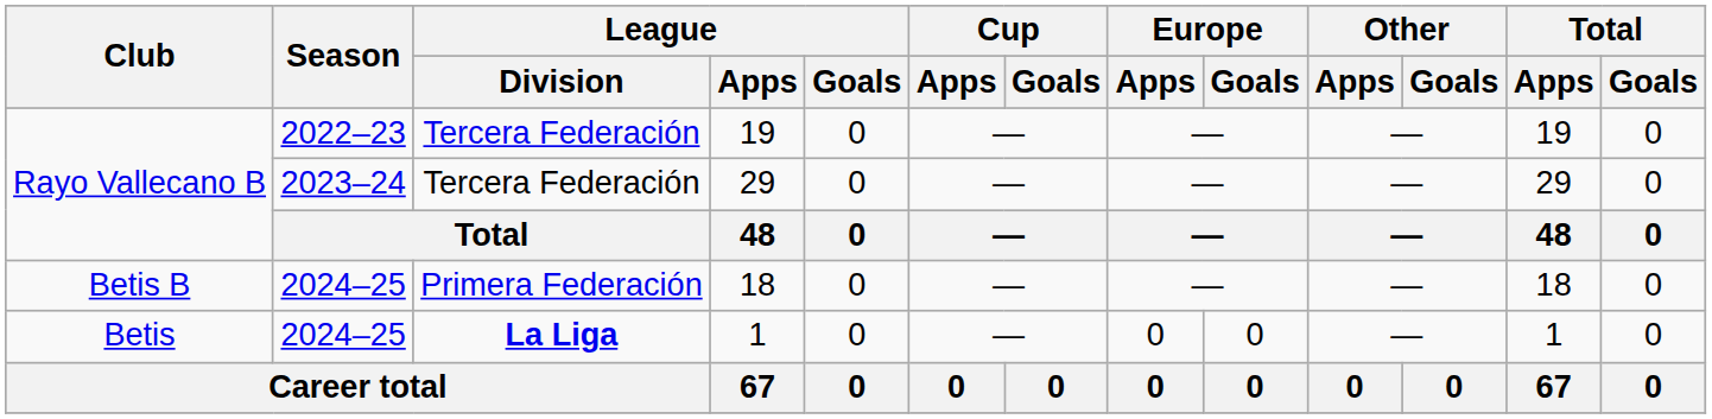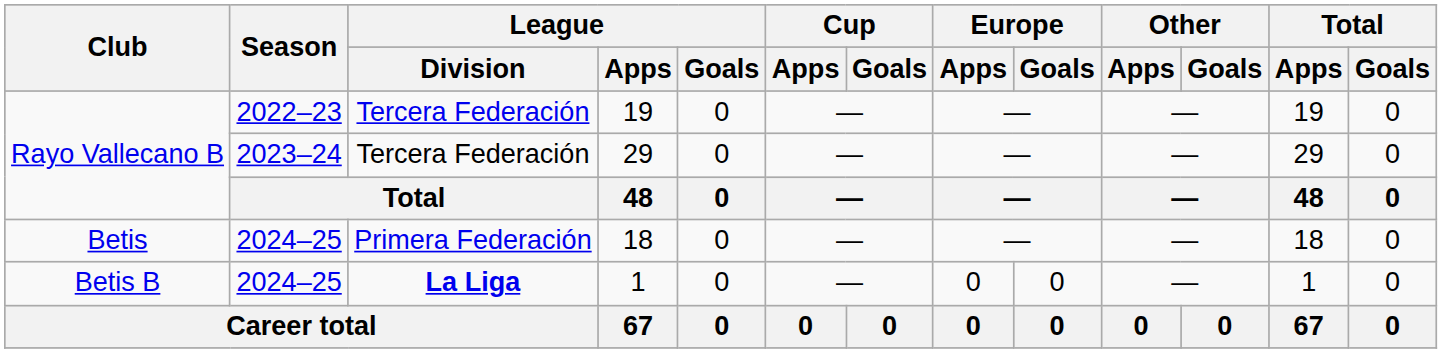 <table class="wikitable" style="text-align: center">
 <tr>
 <th rowspan="2">Club</th>
 <th rowspan="2">Season</th>
 <th colspan="3">League</th>
 <th colspan="2">Cup</th>
 <th colspan="2">Europe</th>
 <th colspan="2">Other</th>
 <th colspan="2">Total</th>
 </tr>
 <tr>
 <th>Division</th>
 <th>Apps</th>
 <th>Goals</th>
 <th>Apps</th>
 <th>Goals</th>
 <th>Apps</th>
 <th>Goals</th>
 <th>Apps</th>
 <th>Goals</th>
 <th>Apps</th>
 <th>Goals</th>
 </tr>
 <tr>
 <td rowspan="3"><a href='#'>Rayo Vallecano B</a></td>
 <td><a href='#'>2022–23</a></td>
 <td><a href='#'>Tercera Federación</a></td>
 <td>19</td>
 <td>0</td>
 <td colspan="2">—</td>
 <td colspan="2">—</td>
 <td colspan="2">—</td>
 <td>19</td>
 <td>0</td>
 </tr>
 <tr>
 <td><a href='#'>2023–24</a></td>
 <td>Tercera Federación</td>
 <td>29</td>
 <td>0</td>
 <td colspan="2">—</td>
 <td colspan="2">—</td>
 <td colspan="2">—</td>
 <td>29</td>
 <td>0</td>
 </tr>
 <tr>
 <th colspan="2">Total</th>
 <th>48</th>
 <th>0</th>
 <th colspan="2">—</th>
 <th colspan="2">—</th>
 <th colspan="2">—</th>
 <th>48</th>
 <th>0</th>
 </tr>
 <tr>
-<td><a href='#'>Betis B</a></td>
+<td><a href='#'>Betis</a></td>
 <td><a href='#'>2024–25</a></td>
 <td><a href='#'>Primera Federación</a></td>
 <td>18</td>
 <td>0</td>
 <td colspan="2">—</td>
 <td colspan="2">—</td>
 <td colspan="2">—</td>
 <td>18</td>
 <td>0</td>
 </tr>
 <tr>
-<td><a href='#'>Betis</a></td>
+<td><a href='#'>Betis B</a></td>
 <td><a href='#'>2024–25</a></td>
 <td><strong><a href='#'>La Liga</a></strong></td>
 <td>1</td>
 <td>0</td>
 <td colspan="2">—</td>
 <td>0</td>
 <td>0</td>
 <td colspan="2">—</td>
 <td>1</td>
 <td>0</td>
 </tr>
 <tr>
 <th colspan="3">Career total</th>
 <th>67</th>
 <th>0</th>
 <th>0</th>
 <th>0</th>
 <th>0</th>
 <th>0</th>
 <th>0</th>
 <th>0</th>
 <th>67</th>
 <th>0</th>
 </tr>
 </table>
